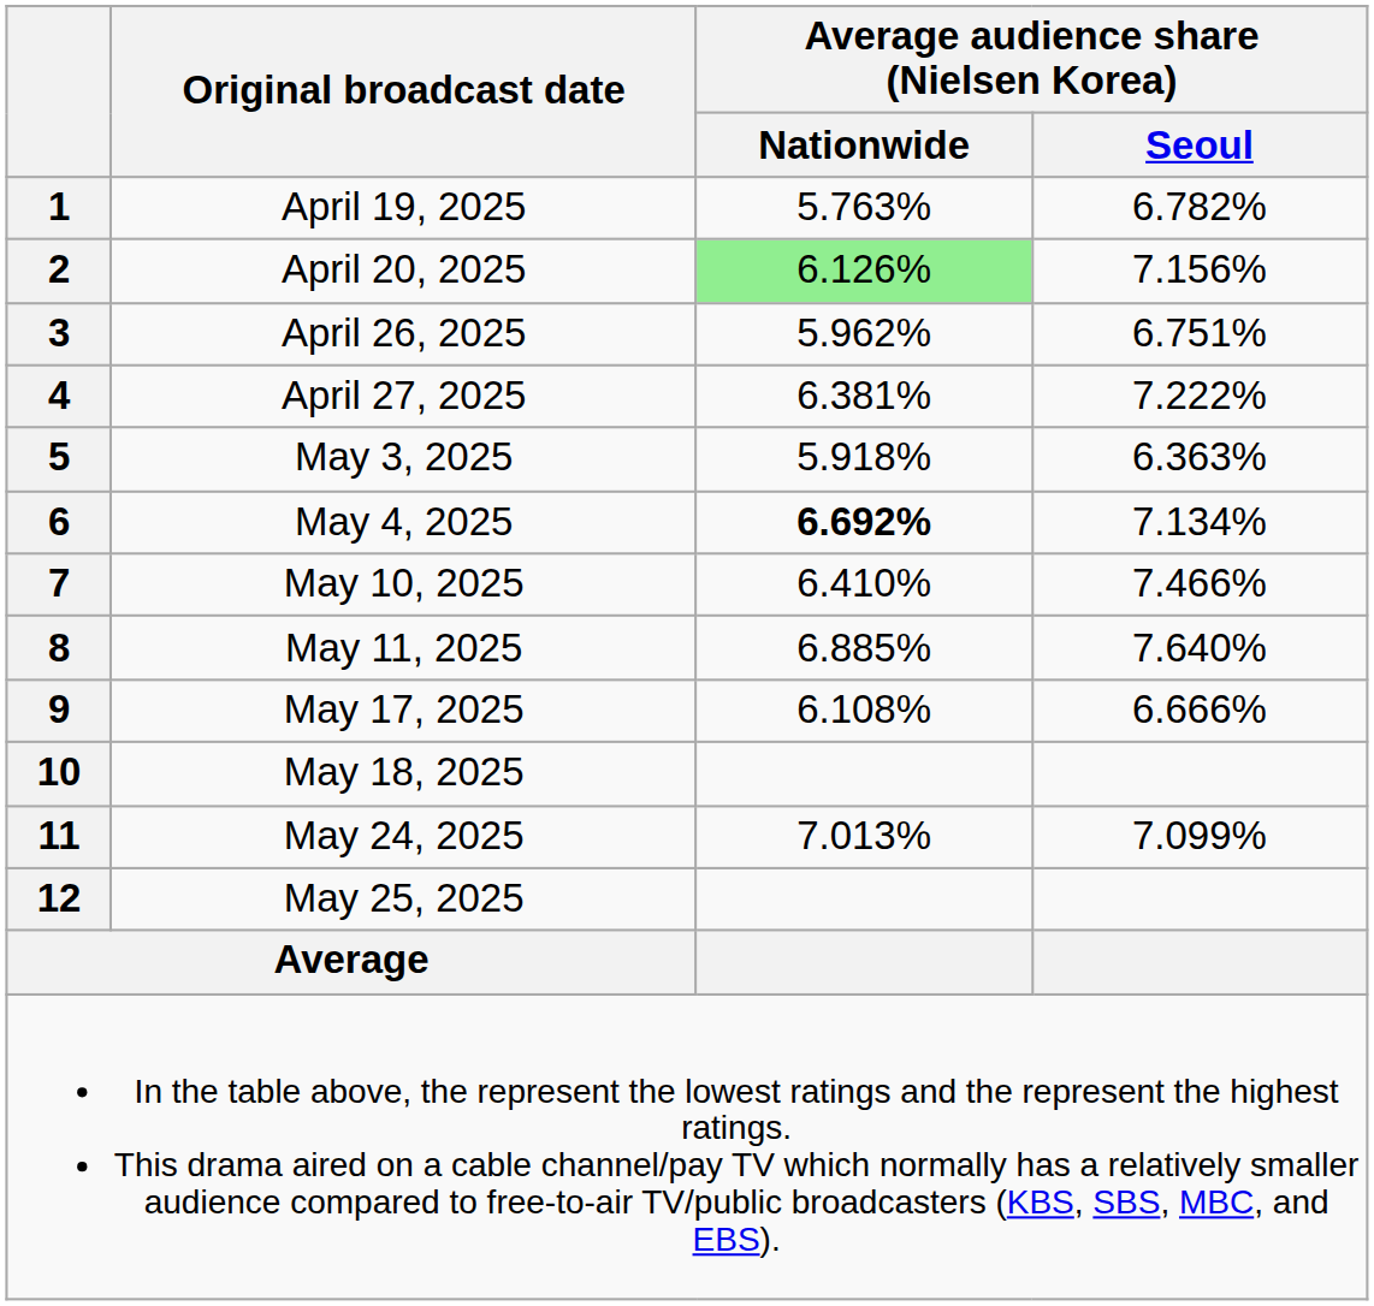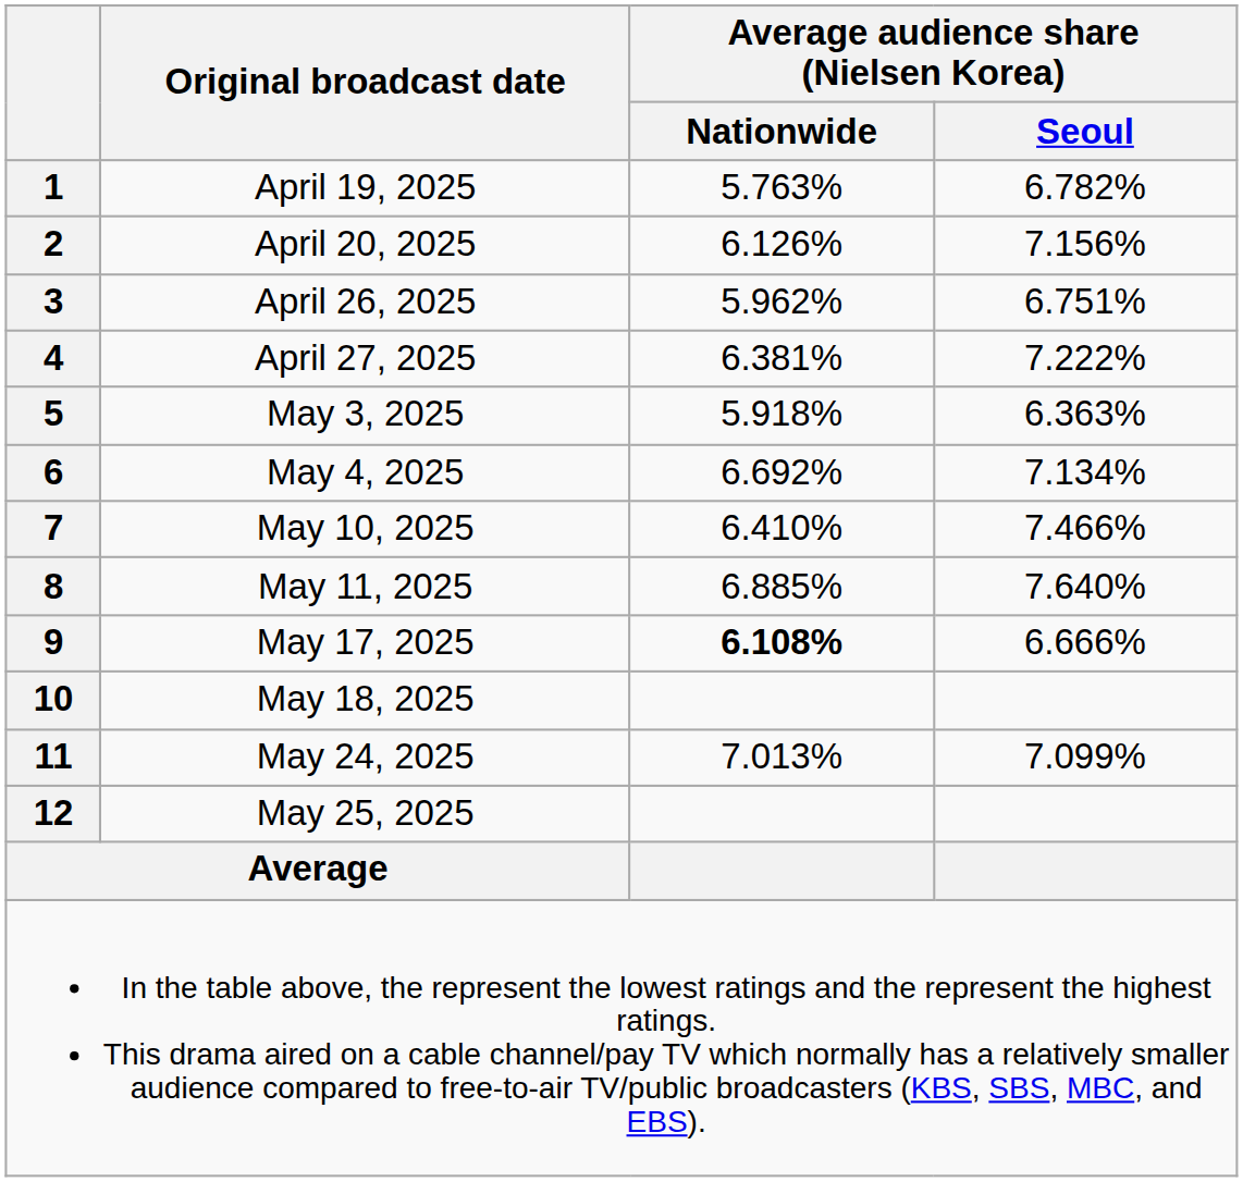 <table class="wikitable" style="margin-left:auto; margin-right:auto; width:550px; text-align:center">
 <tr>
 <th scope="col" rowspan="2"></th>
 <th scope="col" rowspan="2">Original broadcast date</th>
 <th scope="col" colspan="2">Average audience share<br>(Nielsen Korea)</th>
 </tr>
 <tr>
 <th scope="col" style="width:8em">Nationwide</th>
 <th scope="col" style="width:8em"><a href='#'>Seoul</a></th>
 </tr>
 <tr>
 <th scope="row">1</th>
 <td>April 19, 2025</td>
 <td>5.763% </td>
 <td>6.782% </td>
 </tr>
 <tr>
 <th scope="row">2</th>
 <td>April 20, 2025</td>
-<td style="background: lightgreen;">6.126% </td>
+<td>6.126% </td>
 <td>7.156% </td>
 </tr>
 <tr>
 <th scope="row">3</th>
 <td>April 26, 2025</td>
 <td>5.962% </td>
 <td>6.751% </td>
 </tr>
 <tr>
 <th scope="row">4</th>
 <td>April 27, 2025</td>
 <td>6.381% </td>
 <td>7.222% </td>
 </tr>
 <tr>
 <th scope="row">5</th>
 <td>May 3, 2025</td>
 <td>5.918% </td>
 <td>6.363% </td>
 </tr>
 <tr>
 <th scope="row">6</th>
 <td>May 4, 2025</td>
-<td><strong>6.692% </strong></td>
+<td>6.692% </td>
 <td>7.134% </td>
 </tr>
 <tr>
 <th scope="row">7</th>
 <td>May 10, 2025</td>
 <td>6.410% </td>
 <td>7.466% </td>
 </tr>
 <tr>
 <th scope="row">8</th>
 <td>May 11, 2025</td>
 <td>6.885% </td>
 <td>7.640% </td>
 </tr>
 <tr>
 <th scope="row">9</th>
 <td>May 17, 2025</td>
-<td>6.108% </td>
+<td><strong>6.108% </strong></td>
 <td>6.666% </td>
 </tr>
 <tr>
 <th scope="col">10</th>
 <td>May 18, 2025</td>
 <td><strong></strong> </td>
 <td><strong></strong> </td>
 </tr>
 <tr>
 <th scope="col">11</th>
 <td>May 24, 2025</td>
 <td>7.013% </td>
 <td>7.099% </td>
 </tr>
 <tr>
 <th scope="col">12</th>
 <td>May 25, 2025</td>
 <td><strong></strong> </td>
 <td><strong></strong> </td>
 </tr>
 <tr>
 <th scope="col" colspan="2">Average</th>
 <th scope="col"></th>
 <th scope="col"></th>
 </tr>
 <tr>
 <td colspan="4" style="font-size:85%"><br><ul><li>In the table above, the <strong></strong> represent the lowest ratings and the <strong></strong> represent the highest ratings.</li><li>This drama aired on a cable channel/pay TV which normally has a relatively smaller audience compared to free-to-air TV/public broadcasters (<a href='#'>KBS</a>, <a href='#'>SBS</a>, <a href='#'>MBC</a>, and <a href='#'>EBS</a>).</li></ul></td>
 </tr>
 </table>
